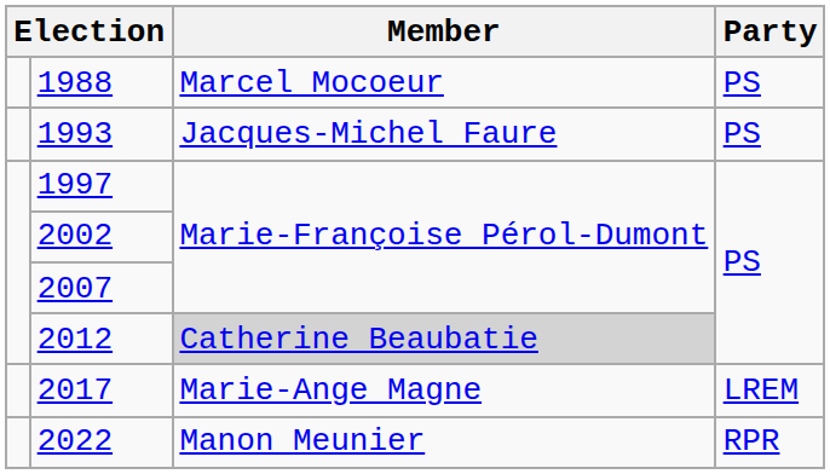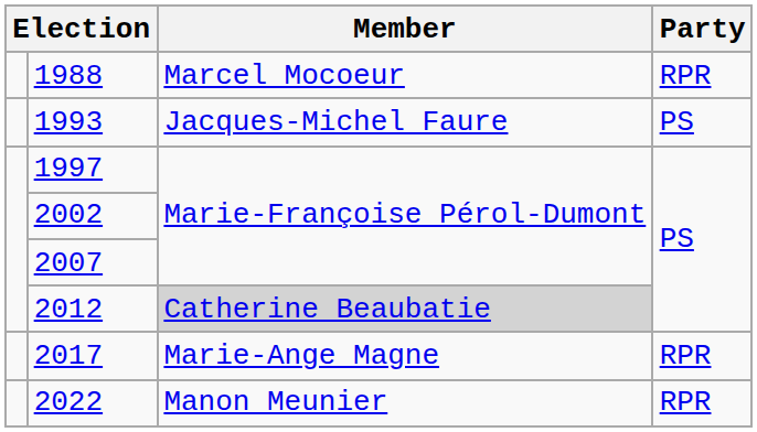 <table class="wikitable">
 <tr>
 <th colspan=2>Election</th>
 <th>Member</th>
 <th>Party</th>
 </tr>
 <tr>
 <td style="background-color: "></td>
 <td><a href='#'>1988</a></td>
 <td><a href='#'>Marcel Mocoeur</a></td>
-<td><a href='#'>PS</a></td>
+<td><a href='#'>RPR</a></td>
 </tr>
 <tr>
 <td style="background-color: "></td>
 <td><a href='#'>1993</a></td>
 <td><a href='#'>Jacques-Michel Faure</a></td>
 <td><a href='#'>PS</a></td>
 </tr>
 <tr>
 <td rowspan="4" style="background-color: "></td>
 <td><a href='#'>1997</a></td>
 <td rowspan="3"><a href='#'>Marie-Françoise Pérol-Dumont</a></td>
 <td rowspan="4"><a href='#'>PS</a></td>
 </tr>
 <tr>
 <td><a href='#'>2002</a></td>
 </tr>
 <tr>
 <td><a href='#'>2007</a></td>
 </tr>
 <tr>
 <td><a href='#'>2012</a></td>
 <td style="background: lightgrey;"><a href='#'>Catherine Beaubatie</a></td>
 </tr>
 <tr>
 <td style="background-color: "></td>
 <td><a href='#'>2017</a></td>
 <td><a href='#'>Marie-Ange Magne</a></td>
-<td><a href='#'>LREM</a></td>
+<td><a href='#'>RPR</a></td>
 </tr>
 <tr>
 <td style="color:inherit;background:"></td>
 <td><a href='#'>2022</a></td>
 <td><a href='#'>Manon Meunier</a></td>
 <td><a href='#'>RPR</a></td>
 </tr>
 </table>
